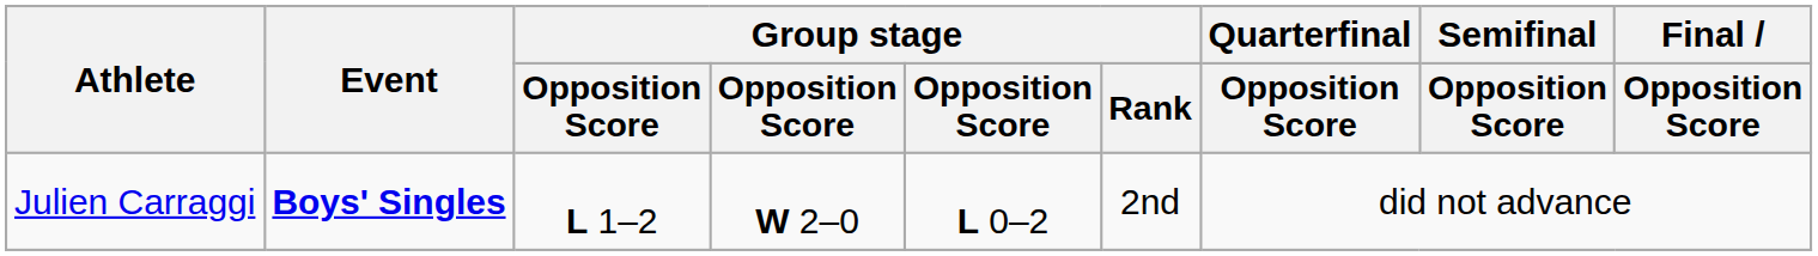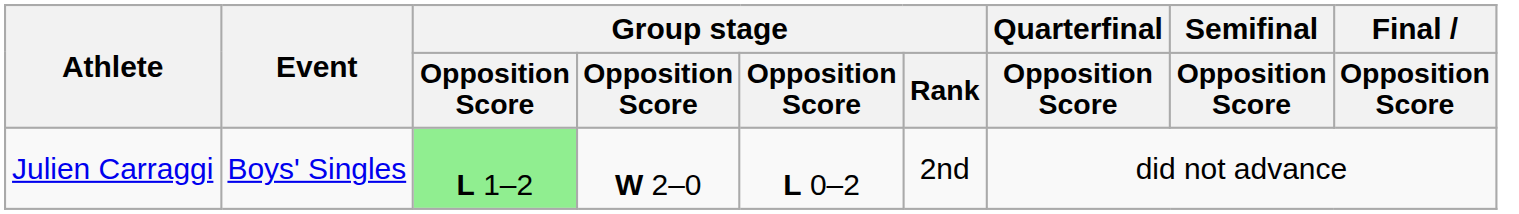 <table class="wikitable" style="font-size:90%">
 <tr>
 <th rowspan=2>Athlete</th>
 <th rowspan=2>Event</th>
 <th colspan=4>Group stage</th>
 <th>Quarterfinal</th>
 <th>Semifinal</th>
 <th>Final / </th>
 </tr>
 <tr style="font-size:95%">
 <th>Opposition<br>Score</th>
 <th>Opposition<br>Score</th>
 <th>Opposition<br>Score</th>
 <th>Rank</th>
 <th>Opposition<br>Score</th>
 <th>Opposition<br>Score</th>
 <th>Opposition<br>Score</th>
 </tr>
 <tr align=center>
 <td align=left><a href='#'>Julien Carraggi</a></td>
-<td align=left><strong><a href='#'>Boys' Singles</a></strong></td>
-<td> <br> <strong>L</strong> 1–2</td>
+<td align=left><a href='#'>Boys' Singles</a></td>
+<td style="background: lightgreen;"> <br> <strong>L</strong> 1–2</td>
 <td> <br> <strong>W</strong> 2–0</td>
 <td> <br> <strong>L</strong> 0–2</td>
 <td>2nd</td>
 <td colspan=3>did not advance</td>
 </tr>
 </table>
